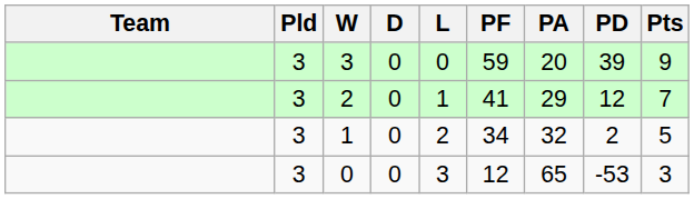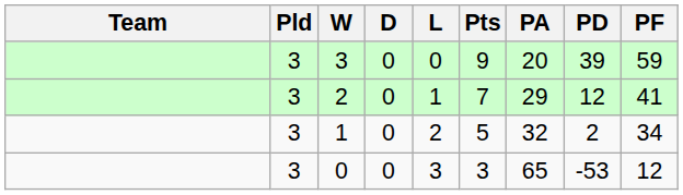 <table class="wikitable" style="text-align:center;">
 <tr>
 <th width=175>Team</th>
 <th width=25 abbr="Played">Pld</th>
 <th width=25 abbr="Won">W</th>
 <th width=25 abbr="Drawn">D</th>
 <th width=25 abbr="Lost">L</th>
-<th width=32 abbr="Points for">PF</th>
+<th width=25 abbr="Points">Pts</th>
 <th width=32 abbr="Points against">PA</th>
 <th width=32 abbr="Points difference">PD</th>
-<th width=25 abbr="Points">Pts</th>
+<th width=32 abbr="Points for">PF</th>
 </tr>
 <tr bgcolor="#ccffcc">
 <td align=left></td>
 <td>3</td>
 <td>3</td>
 <td>0</td>
 <td>0</td>
-<td>59</td>
+<td>9</td>
 <td>20</td>
 <td>39</td>
-<td>9</td>
+<td>59</td>
 </tr>
 <tr bgcolor="#ccffcc">
 <td align=left></td>
 <td>3</td>
 <td>2</td>
 <td>0</td>
 <td>1</td>
-<td>41</td>
+<td>7</td>
 <td>29</td>
 <td>12</td>
-<td>7</td>
+<td>41</td>
 </tr>
 <tr>
 <td align=left></td>
 <td>3</td>
 <td>1</td>
 <td>0</td>
 <td>2</td>
-<td>34</td>
+<td>5</td>
 <td>32</td>
 <td>2</td>
-<td>5</td>
+<td>34</td>
 </tr>
 <tr>
 <td align=left></td>
 <td>3</td>
 <td>0</td>
 <td>0</td>
 <td>3</td>
-<td>12</td>
+<td>3</td>
 <td>65</td>
 <td>-53</td>
-<td>3</td>
+<td>12</td>
 </tr>
 </table>
